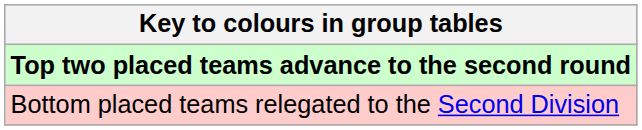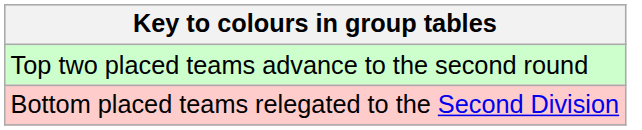 <table class="wikitable">
 <tr>
 <th>Key to colours in group tables</th>
 </tr>
 <tr bgcolor=#ccffcc>
-<td><strong>Top two placed teams advance to the second round</strong></td>
+<td>Top two placed teams advance to the second round</td>
 </tr>
 <tr bgcolor=#ffcccc>
 <td>Bottom placed teams relegated to the <a href='#'>Second Division</a></td>
 </tr>
 </table>
